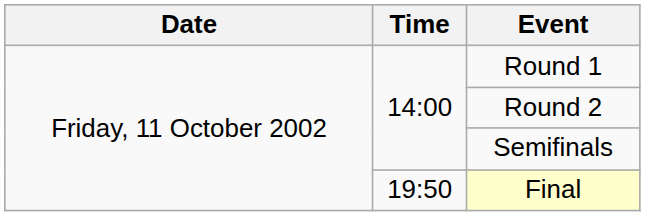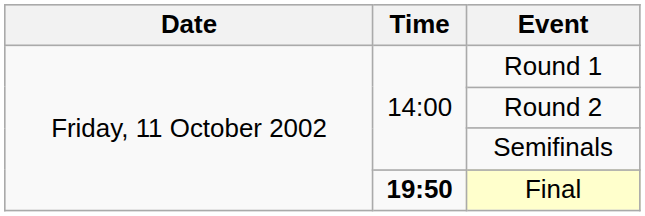 <table class = "wikitable" style="text-align:center;">
 <tr>
 <th width=220>Date</th>
 <th width=50>Time</th>
 <th width=100>Event</th>
 </tr>
 <tr>
 <td rowspan=4>Friday, 11 October 2002</td>
 <td rowspan=3>14:00</td>
 <td>Round 1</td>
 </tr>
 <tr>
 <td>Round 2</td>
 </tr>
 <tr>
 <td>Semifinals</td>
 </tr>
 <tr>
-<td>19:50</td>
+<td><strong>19:50</strong></td>
 <td bgcolor=ffffcc>Final</td>
 </tr>
 </table>
